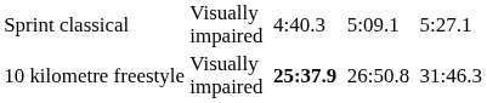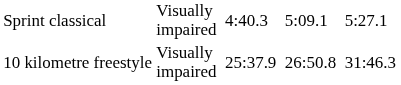 <table>
 <tr>
 <td>Sprint classical<br></td>
 <td>Visually<br>impaired</td>
 <td></td>
 <td>4:40.3</td>
 <td></td>
 <td>5:09.1</td>
 <td></td>
 <td>5:27.1</td>
 </tr>
 <tr>
 <td>10 kilometre freestyle<br></td>
 <td>Visually<br>impaired</td>
 <td></td>
-<td><strong>25:37.9</strong></td>
+<td>25:37.9</td>
 <td></td>
 <td>26:50.8</td>
 <td></td>
 <td>31:46.3</td>
 </tr>
 </table>
